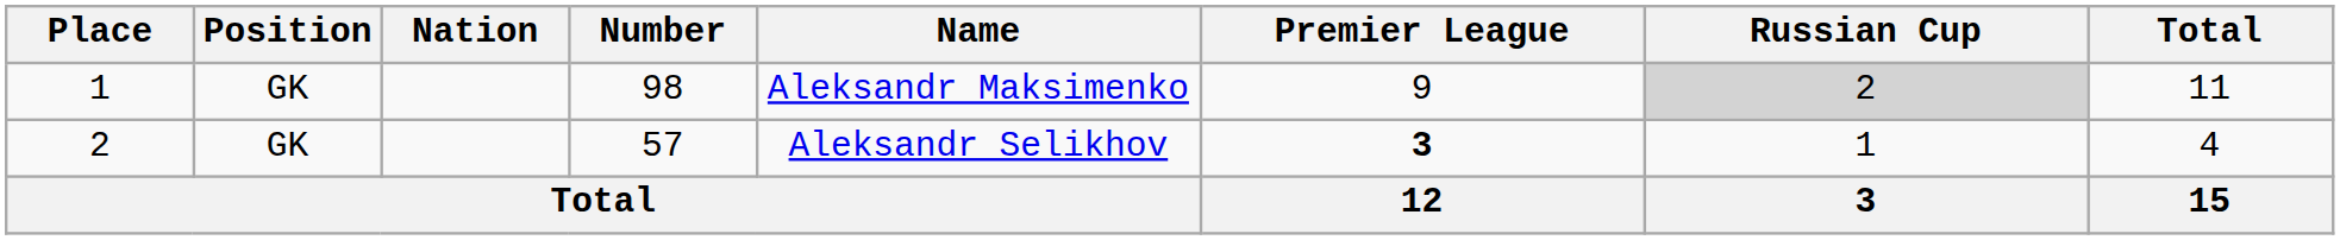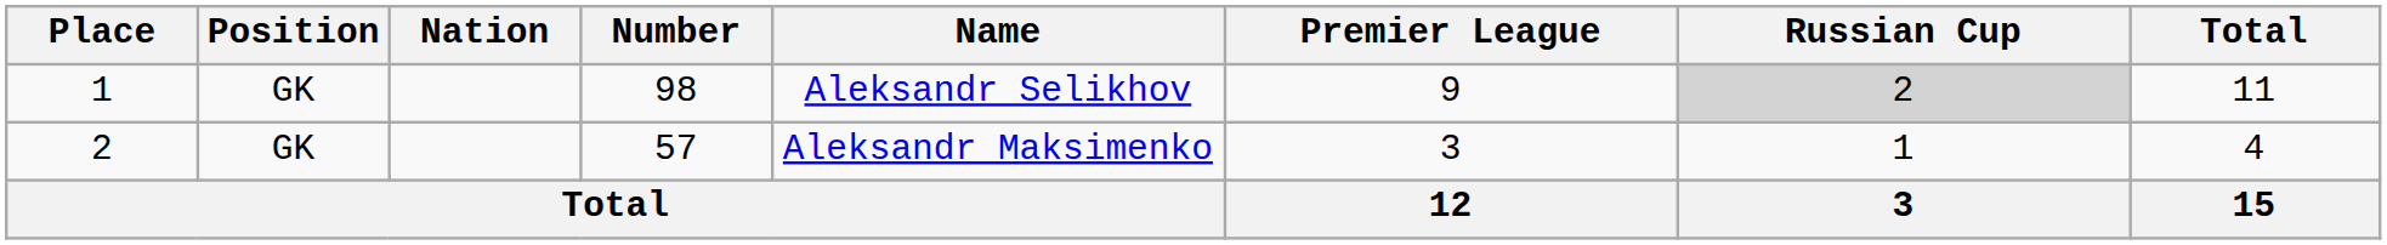 <table class="wikitable" style="font-size: 95%; text-align: center;">
 <tr>
 <th width=60>Place</th>
 <th width=60>Position</th>
 <th width=60>Nation</th>
 <th width=60>Number</th>
 <th width=150>Name</th>
 <th width=150>Premier League</th>
 <th width=150>Russian Cup</th>
 <th width=80>Total</th>
 </tr>
 <tr>
 <td>1</td>
 <td>GK</td>
 <td></td>
 <td>98</td>
-<td><a href='#'>Aleksandr Maksimenko</a></td>
+<td><a href='#'>Aleksandr Selikhov</a></td>
 <td>9</td>
 <td style="background: lightgrey;">2</td>
 <td>11</td>
 </tr>
 <tr>
 <td>2</td>
 <td>GK</td>
 <td></td>
 <td>57</td>
-<td><a href='#'>Aleksandr Selikhov</a></td>
-<td><strong>3</strong></td>
+<td><a href='#'>Aleksandr Maksimenko</a></td>
+<td>3</td>
 <td>1</td>
 <td>4</td>
 </tr>
 <tr>
 <th colspan=5>Total</th>
 <th>12</th>
 <th>3</th>
 <th>15</th>
 </tr>
 </table>
